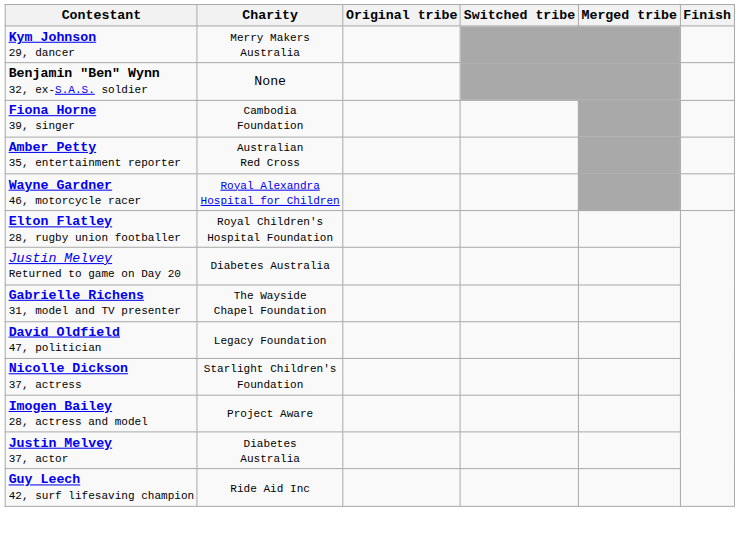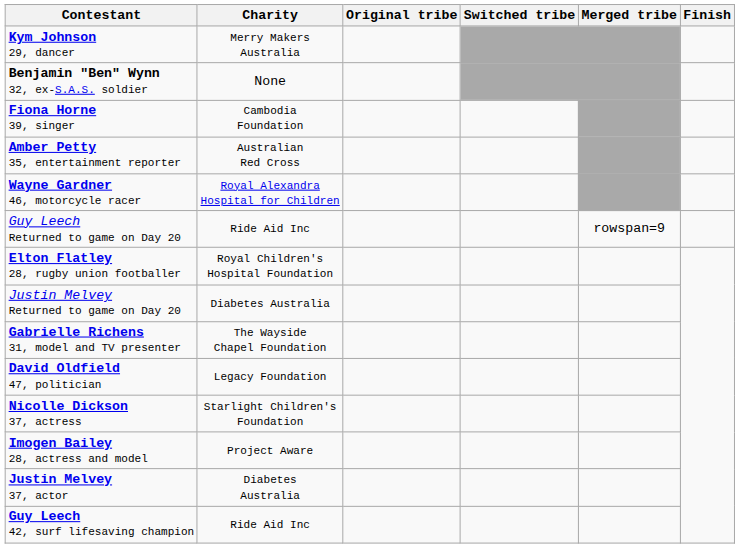 <table class="wikitable sortable nowrap" style="margin:auto; text-align:center">
 <tr>
 <th>Contestant</th>
 <th>Charity</th>
 <th>Original tribe</th>
 <th>Switched tribe</th>
 <th>Merged tribe</th>
 <th>Finish</th>
 </tr>
 <tr>
 <td align="left"><strong><a href='#'>Kym Johnson</a></strong><br><small>29, dancer</small></td>
 <td><small>Merry Makers <br>Australia </small></td>
 <td></td>
 <td bgcolor="darkgray" colspan="2"></td>
 <td></td>
 </tr>
 <tr>
 <td align="left"><strong>Benjamin "Ben" Wynn</strong><br><small>32, ex-<a href='#'>S.A.S.</a> soldier</small></td>
 <td>None</td>
 <td></td>
 <td bgcolor="darkgray" colspan="2"></td>
 <td></td>
 </tr>
 <tr>
 <td align="left"><strong><a href='#'>Fiona Horne</a></strong><br><small>39, singer</small></td>
 <td><small>Cambodia<br> Foundation<br></small></td>
 <td></td>
 <td></td>
 <td bgcolor="darkgray" colspan="1"></td>
 <td></td>
 </tr>
 <tr>
 <td align="left"><strong><a href='#'>Amber Petty</a></strong><br><small>35, entertainment reporter</small></td>
 <td><small>Australian <br>Red Cross</small></td>
 <td></td>
 <td></td>
 <td bgcolor="darkgray" colspan="1"></td>
 <td></td>
 </tr>
 <tr>
 <td align="left"><strong><a href='#'>Wayne Gardner</a></strong><br><small>46, motorcycle racer</small></td>
 <td><small><a href='#'>Royal Alexandra <br>Hospital for Children</a></small></td>
 <td></td>
 <td></td>
 <td bgcolor="darkgray" colspan="1"></td>
+<td></td>
+</tr>
+<tr>
+<td align="left"><em><a href='#'>Guy Leech</a></em><br><small>Returned to game on Day 20</small></td>
+<td><small> Ride Aid Inc</small></td>
+<td></td>
+<td></td>
+<td>rowspan=9 </td>
 <td></td>
 </tr>
 <tr>
 <td align="left"><strong><a href='#'>Elton Flatley</a></strong><br><small>28, rugby union footballer</small></td>
 <td><small>Royal Children's <br>Hospital Foundation</small></td>
 <td></td>
 <td></td>
 <td></td>
 </tr>
 <tr>
 <td align="left"><em><a href='#'>Justin Melvey</a></em><br><small>Returned to game on Day 20</small></td>
 <td><small>Diabetes Australia</small></td>
 <td></td>
 <td></td>
 <td></td>
 </tr>
 <tr>
 <td align="left"><strong><a href='#'>Gabrielle Richens</a></strong><br><small>31, model and TV presenter</small></td>
 <td><small>The Wayside <br> Chapel Foundation</small></td>
 <td></td>
 <td></td>
 <td></td>
 </tr>
 <tr>
 <td align="left"><strong><a href='#'>David Oldfield</a></strong><br><small>47, politician</small></td>
 <td><small>Legacy Foundation</small></td>
 <td></td>
 <td></td>
 <td></td>
 </tr>
 <tr>
 <td align="left"><strong><a href='#'>Nicolle Dickson</a></strong><br><small>37, actress</small></td>
 <td><small>Starlight Children's <br> Foundation</small></td>
 <td></td>
 <td></td>
 <td></td>
 </tr>
 <tr>
 <td align="left"><strong><a href='#'>Imogen Bailey</a></strong><br><small>28, actress and model</small></td>
 <td><small>Project Aware</small></td>
 <td></td>
 <td></td>
 <td></td>
 </tr>
 <tr>
 <td align="left"><strong><a href='#'>Justin Melvey</a></strong><br><small>37, actor</small></td>
 <td><small>Diabetes <br>Australia</small></td>
 <td></td>
 <td></td>
 <td></td>
 </tr>
 <tr>
 <td align="left"><strong><a href='#'>Guy Leech</a></strong><br><small>42, surf lifesaving champion</small></td>
 <td><small>Ride Aid Inc</small></td>
 <td></td>
 <td></td>
 <td></td>
 </tr>
 </table>
